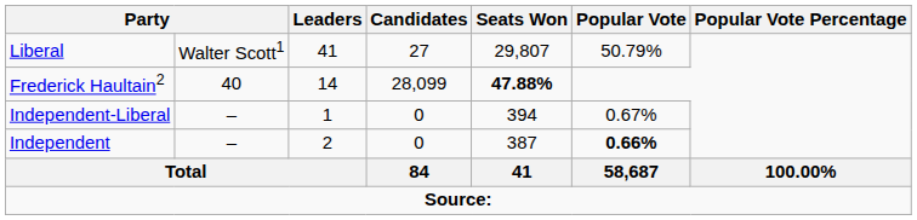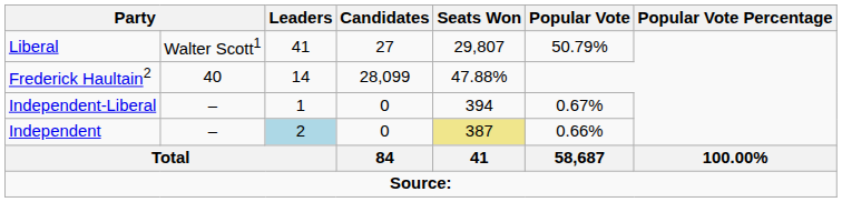 <table class="wikitable">
 <tr>
 <th colspan="2">Party</th>
 <th>Leaders</th>
 <th>Candidates</th>
 <th>Seats Won</th>
 <th>Popular Vote</th>
 <th>Popular Vote Percentage</th>
 </tr>
 <tr>
 <td><a href='#'>Liberal</a></td>
 <td>Walter Scott<sup>1</sup></td>
 <td align=center>41</td>
 <td align=center>27</td>
 <td align=center>29,807</td>
 <td align=center>50.79%</td>
 </tr>
 <tr>
 <td><a href='#'>Frederick Haultain</a><sup>2</sup></td>
 <td align=center>40</td>
 <td align=center>14</td>
 <td align=center>28,099</td>
-<td align=center><strong>47.88%</strong></td>
+<td align=center>47.88%</td>
 </tr>
 <tr>
 <td><a href='#'>Independent-Liberal</a></td>
 <td align=center>–</td>
 <td align=center>1</td>
 <td align=center>0</td>
 <td align=center>394</td>
 <td align=center>0.67%</td>
 </tr>
 <tr>
 <td><a href='#'>Independent</a></td>
 <td align=center>–</td>
-<td align=center>2</td>
+<td align=center style="background: lightblue;">2</td>
 <td align=center>0</td>
-<td align=center>387</td>
-<td align=center><strong>0.66%</strong></td>
+<td align=center style="background: khaki;">387</td>
+<td align=center>0.66%</td>
 </tr>
 <tr>
 <th colspan=3>Total</th>
 <th>84</th>
 <th>41</th>
 <th>58,687</th>
 <th>100.00%</th>
 </tr>
 <tr>
 <td align="center" colspan=7><strong>Source:</strong>  </td>
 </tr>
 </table>
